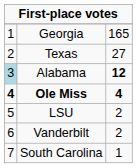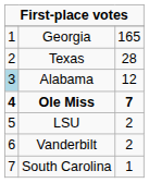 <table class="wikitable">
 <tr align="center">
 <td align="center" Colspan="3"><strong>First-place votes</strong></td>
 </tr>
 <tr align="center">
 </tr>
 <tr align="center">
 <td>1</td>
 <td>Georgia</td>
 <td>165</td>
 </tr>
 <tr align="center">
 <td>2</td>
 <td>Texas</td>
-<td>27</td>
+<td>28</td>
 </tr>
 <tr align="center">
 <td style="background: lightblue;">3</td>
 <td>Alabama</td>
-<td><strong>12</strong></td>
+<td>12</td>
 </tr>
 <tr align="center">
 <td><strong>4</strong></td>
 <td><strong>Ole Miss</strong></td>
-<td><strong>4</strong></td>
+<td><strong>7</strong></td>
 </tr>
 <tr align="center">
 <td>5</td>
 <td>LSU</td>
 <td>2</td>
 </tr>
 <tr align="center">
 <td>6</td>
 <td>Vanderbilt</td>
 <td>2</td>
 </tr>
 <tr align="center">
 <td>7</td>
 <td>South Carolina</td>
 <td>1</td>
 </tr>
 </table>
